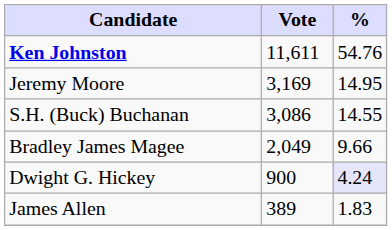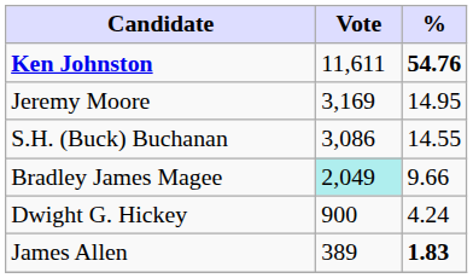 <table class="wikitable">
 <tr>
 <th style="background:#ddf; width:200px;">Candidate</th>
 <th style="background:#ddf; width:50px;">Vote</th>
 <th style="background:#ddf; width:30px;">%</th>
 </tr>
 <tr>
 <td><strong><a href='#'>Ken Johnston</a></strong></td>
 <td>11,611</td>
-<td>54.76</td>
+<td><strong>54.76</strong></td>
 </tr>
 <tr>
 <td>Jeremy Moore</td>
 <td>3,169</td>
 <td>14.95</td>
 </tr>
 <tr>
 <td>S.H. (Buck) Buchanan</td>
 <td>3,086</td>
 <td>14.55</td>
 </tr>
 <tr>
 <td>Bradley James Magee</td>
-<td>2,049</td>
+<td style="background: paleturquoise;">2,049</td>
 <td>9.66</td>
 </tr>
 <tr>
 <td>Dwight G. Hickey</td>
 <td>900</td>
-<td style="background: lavender;">4.24</td>
+<td>4.24</td>
 </tr>
 <tr>
 <td>James Allen</td>
 <td>389</td>
-<td>1.83</td>
+<td><strong>1.83</strong></td>
 </tr>
 <tr>
 </tr>
 </table>
